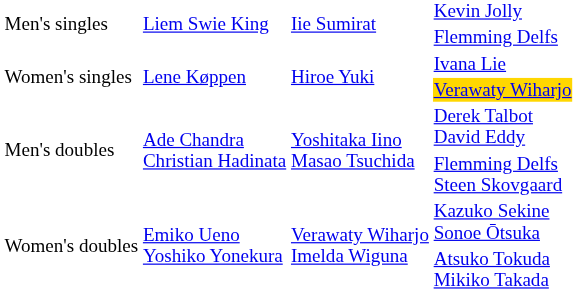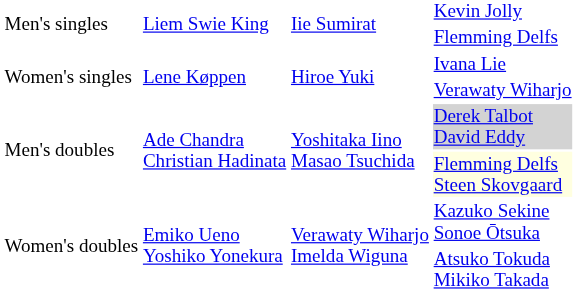 <table>
 <tr>
 <td rowspan=2>Men's singles</td>
 <td rowspan=2> <a href='#'>Liem Swie King</a></td>
 <td rowspan=2> <a href='#'>Iie Sumirat</a></td>
 <td> <a href='#'>Kevin Jolly</a></td>
 </tr>
 <tr>
 <td> <a href='#'>Flemming Delfs</a></td>
 </tr>
 <tr>
 <td rowspan=2>Women's singles</td>
 <td rowspan=2> <a href='#'>Lene Køppen</a></td>
 <td rowspan=2> <a href='#'>Hiroe Yuki</a></td>
 <td> <a href='#'>Ivana Lie</a></td>
 </tr>
 <tr>
-<td style="background: gold;"> <a href='#'>Verawaty Wiharjo</a></td>
+<td> <a href='#'>Verawaty Wiharjo</a></td>
 </tr>
 <tr>
 <td rowspan=2>Men's doubles</td>
 <td rowspan=2> <a href='#'>Ade Chandra</a> <br>  <a href='#'>Christian Hadinata</a></td>
 <td rowspan=2> <a href='#'>Yoshitaka Iino</a> <br>  <a href='#'>Masao Tsuchida</a></td>
-<td> <a href='#'>Derek Talbot</a> <br>  <a href='#'>David Eddy</a></td>
+<td style="background: lightgrey;"> <a href='#'>Derek Talbot</a> <br>  <a href='#'>David Eddy</a></td>
 </tr>
 <tr>
-<td> <a href='#'>Flemming Delfs</a> <br>  <a href='#'>Steen Skovgaard</a></td>
+<td style="background: lightyellow;"> <a href='#'>Flemming Delfs</a> <br>  <a href='#'>Steen Skovgaard</a></td>
 </tr>
 <tr>
 <td rowspan=2>Women's doubles</td>
 <td rowspan=2> <a href='#'>Emiko Ueno</a> <br>  <a href='#'>Yoshiko Yonekura</a></td>
 <td rowspan=2> <a href='#'>Verawaty Wiharjo</a> <br>  <a href='#'>Imelda Wiguna</a></td>
 <td> <a href='#'>Kazuko Sekine</a> <br>  <a href='#'>Sonoe Ōtsuka</a></td>
 </tr>
 <tr>
 <td> <a href='#'>Atsuko Tokuda</a> <br>  <a href='#'>Mikiko Takada</a></td>
 </tr>
 </table>
